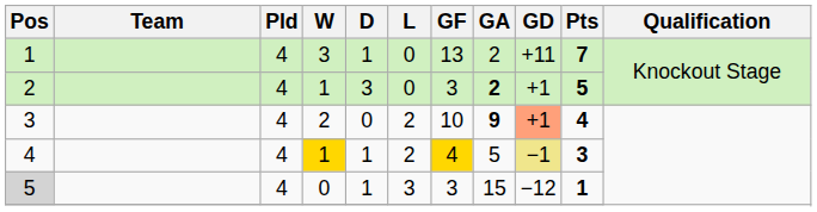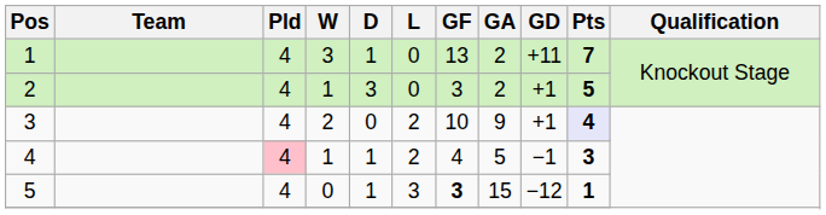 <table class="wikitable" border="1" style="text-align: center;">
 <tr>
 <th width="25"><abbr>Pos</abbr></th>
 <th width="150">Team</th>
 <th width="25"><abbr>Pld</abbr></th>
 <th width="25"><abbr>W</abbr></th>
 <th width="25"><abbr>D</abbr></th>
 <th width="25"><abbr>L</abbr></th>
 <th width="25"><abbr>GF</abbr></th>
 <th width="25"><abbr>GA</abbr></th>
 <th width="25"><abbr>GD</abbr></th>
 <th width="25"><abbr>Pts</abbr></th>
 <th width="150">Qualification</th>
 </tr>
 <tr bgcolor= #D0F0C0>
 <td>1</td>
 <td align="left"></td>
 <td>4</td>
 <td>3</td>
 <td>1</td>
 <td>0</td>
 <td>13</td>
 <td>2</td>
 <td>+11</td>
 <td><strong>7</strong></td>
 <td rowspan=2>Knockout Stage</td>
 </tr>
 <tr bgcolor= #D0F0C0>
 <td>2</td>
 <td align="left"></td>
 <td>4</td>
 <td>1</td>
 <td>3</td>
 <td>0</td>
 <td>3</td>
-<td><strong>2</strong></td>
+<td>2</td>
 <td>+1</td>
 <td><strong>5</strong></td>
 </tr>
 <tr>
 <td>3</td>
 <td align="left"></td>
 <td>4</td>
 <td>2</td>
 <td>0</td>
 <td>2</td>
 <td>10</td>
-<td><strong>9</strong></td>
-<td style="background: lightsalmon;">+1</td>
-<td><strong>4</strong></td>
+<td>9</td>
+<td>+1</td>
+<td style="background: lavender;"><strong>4</strong></td>
 </tr>
 <tr>
 <td>4</td>
 <td align="left"></td>
-<td>4</td>
-<td style="background: gold;">1</td>
+<td style="background: pink;">4</td>
+<td>1</td>
 <td>1</td>
 <td>2</td>
-<td style="background: gold;">4</td>
+<td>4</td>
 <td>5</td>
-<td style="background: khaki;">−1</td>
+<td>−1</td>
 <td><strong>3</strong></td>
 </tr>
 <tr>
-<td style="background: lightgrey;">5</td>
+<td>5</td>
 <td align="left"></td>
 <td>4</td>
 <td>0</td>
 <td>1</td>
 <td>3</td>
-<td>3</td>
+<td><strong>3</strong></td>
 <td>15</td>
 <td>−12</td>
 <td><strong>1</strong></td>
 </tr>
 <tr>
 </tr>
 </table>
